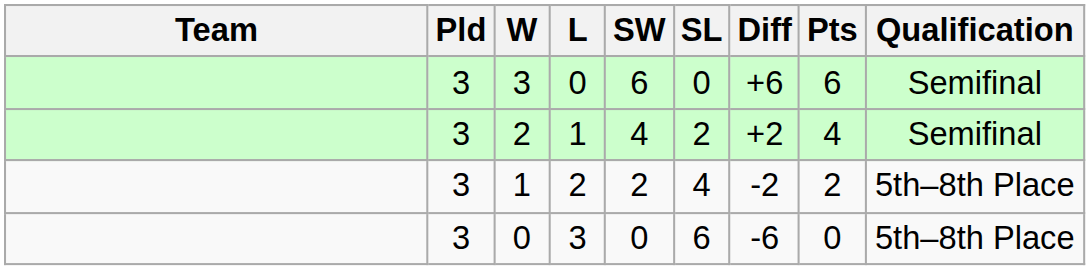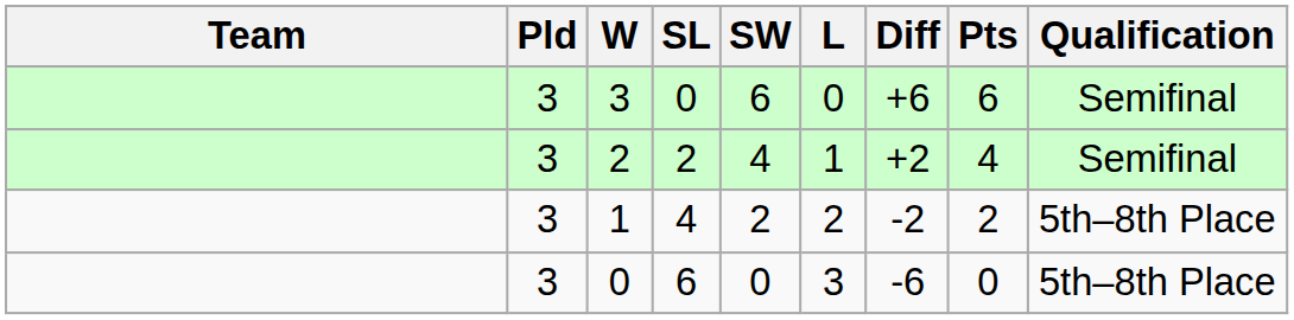 <table class=wikitable style="text-align:center">
 <tr>
 <th width=200>Team</th>
 <th width=20>Pld</th>
 <th width=20>W</th>
+<th width=20>SL</th>
+<th width=20>SW</th>
 <th width=20>L</th>
-<th width=20>SW</th>
-<th width=20>SL</th>
 <th width=20>Diff</th>
 <th width=20>Pts</th>
 <th width=100>Qualification</th>
 </tr>
 <tr bgcolor=#ccffcc>
 <td align=left></td>
 <td>3</td>
 <td>3</td>
 <td>0</td>
 <td>6</td>
 <td>0</td>
 <td>+6</td>
 <td>6</td>
 <td>Semifinal</td>
 </tr>
 <tr bgcolor=#ccffcc>
 <td align=left></td>
 <td>3</td>
 <td>2</td>
+<td>2</td>
+<td>4</td>
 <td>1</td>
-<td>4</td>
-<td>2</td>
 <td>+2</td>
 <td>4</td>
 <td>Semifinal</td>
 </tr>
 <tr>
 <td align=left></td>
 <td>3</td>
 <td>1</td>
+<td>4</td>
 <td>2</td>
 <td>2</td>
-<td>4</td>
 <td>-2</td>
 <td>2</td>
 <td>5th–8th Place</td>
 </tr>
 <tr>
 <td align=left></td>
 <td>3</td>
 <td>0</td>
+<td>6</td>
+<td>0</td>
 <td>3</td>
-<td>0</td>
-<td>6</td>
 <td>-6</td>
 <td>0</td>
 <td>5th–8th Place</td>
 </tr>
 </table>
